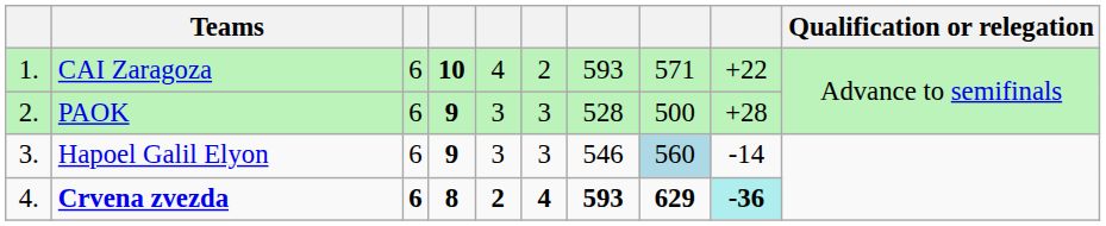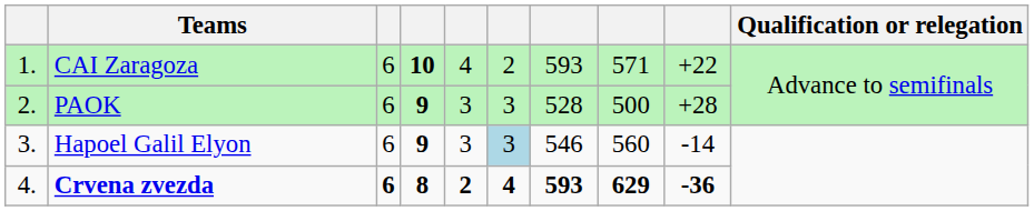 <table class="wikitable" style="text-align:center">
 <tr>
 <th width=20></th>
 <th width=200>Teams</th>
 <th></th>
 <th width=20></th>
 <th width=20></th>
 <th width=20></th>
 <th width=35></th>
 <th width=35></th>
 <th width=35></th>
 <th>Qualification or relegation</th>
 </tr>
 <tr style="background: #BBF3BB;">
 <td>1.</td>
 <td align=left> <a href='#'>CAI Zaragoza</a></td>
 <td>6</td>
 <td><strong>10</strong></td>
 <td>4</td>
 <td>2</td>
 <td>593</td>
 <td>571</td>
 <td>+22</td>
 <td rowspan=2>Advance to <a href='#'>semifinals</a></td>
 </tr>
 <tr style="background: #BBF3BB;">
 <td>2.</td>
 <td align=left> <a href='#'>PAOK</a></td>
 <td>6</td>
 <td><strong>9</strong></td>
 <td>3</td>
 <td>3</td>
 <td>528</td>
 <td>500</td>
 <td>+28</td>
 </tr>
 <tr>
 <td>3.</td>
 <td align=left> <a href='#'>Hapoel Galil Elyon</a></td>
 <td>6</td>
 <td><strong>9</strong></td>
 <td>3</td>
-<td>3</td>
+<td style="background: lightblue;">3</td>
 <td>546</td>
-<td style="background: lightblue;">560</td>
+<td>560</td>
 <td>-14</td>
 </tr>
 <tr>
 <td>4.</td>
 <td align=left> <strong><a href='#'>Crvena zvezda</a></strong></td>
 <td><strong>6</strong></td>
 <td><strong>8</strong></td>
 <td><strong>2</strong></td>
 <td><strong>4</strong></td>
 <td><strong>593</strong></td>
 <td><strong>629</strong></td>
-<td style="background: paleturquoise;"><strong>-36</strong></td>
+<td><strong>-36</strong></td>
 </tr>
 </table>
